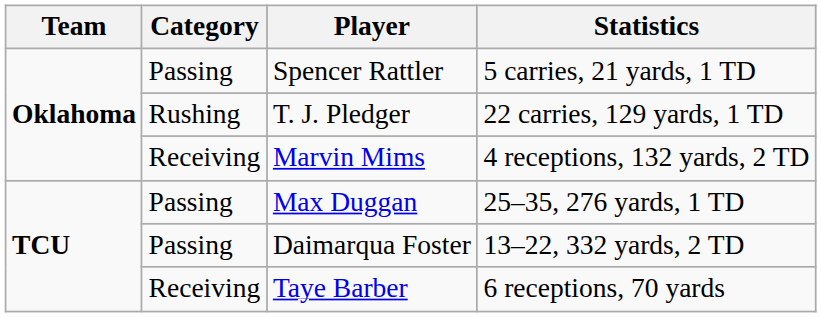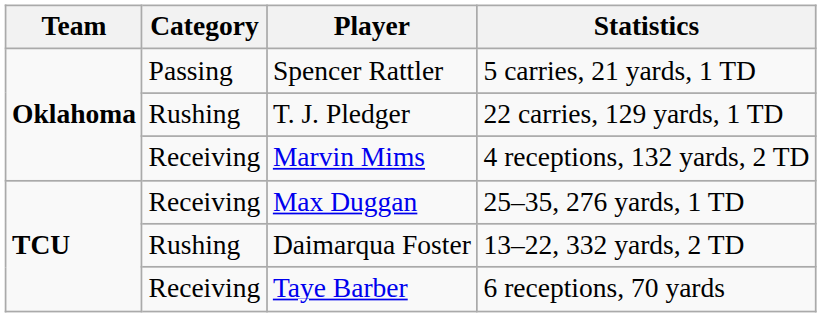 <table class="wikitable" style="float: right;">
 <tr>
 <th>Team</th>
 <th>Category</th>
 <th>Player</th>
 <th>Statistics</th>
 </tr>
 <tr>
 <td rowspan=3><strong>Oklahoma</strong></td>
 <td>Passing</td>
 <td>Spencer Rattler</td>
 <td>5 carries, 21 yards, 1 TD</td>
 </tr>
 <tr>
 <td>Rushing</td>
 <td>T. J. Pledger</td>
 <td>22 carries, 129 yards, 1 TD</td>
 </tr>
 <tr>
 <td>Receiving</td>
 <td><a href='#'>Marvin Mims</a></td>
 <td>4 receptions, 132 yards, 2 TD</td>
 </tr>
 <tr>
 <td rowspan=3><strong>TCU</strong></td>
-<td>Passing</td>
+<td>Receiving</td>
 <td><a href='#'>Max Duggan</a></td>
 <td>25–35, 276 yards, 1 TD</td>
 </tr>
 <tr>
-<td>Passing</td>
+<td>Rushing</td>
 <td>Daimarqua Foster</td>
 <td>13–22, 332 yards, 2 TD</td>
 </tr>
 <tr>
 <td>Receiving</td>
 <td><a href='#'>Taye Barber</a></td>
 <td>6 receptions, 70 yards</td>
 </tr>
 </table>
